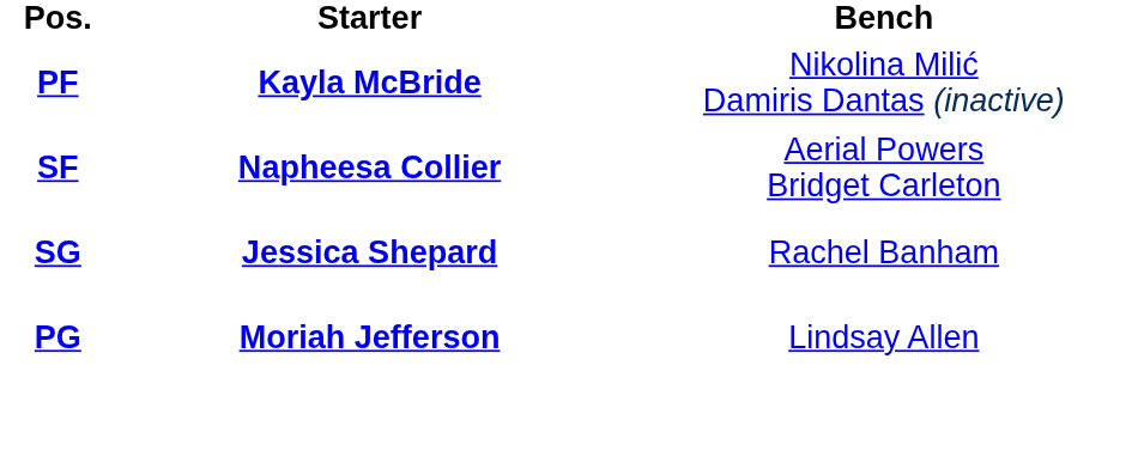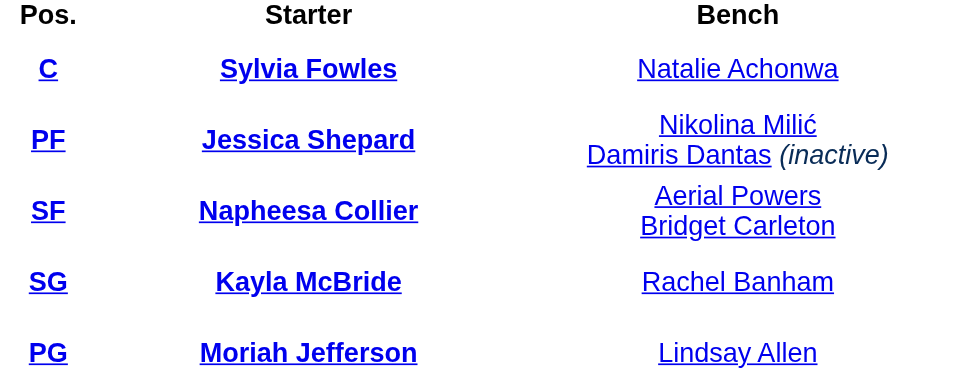 <table style="text-align:center; ">
 <tr>
 <th width="50">Pos.</th>
 <th width="250">Starter</th>
 <th width="250">Bench</th>
 </tr>
 <tr style="height:40px; background:white; color:#092C57">
+<th><a href='#'><span>C</span></a></th>
+<td><strong><a href='#'>Sylvia Fowles</a></strong></td>
+<td><a href='#'>Natalie Achonwa</a></td>
+</tr>
+<tr style="height:40px; background:white; color:#092C57">
 <th><a href='#'><span>PF</span></a></th>
-<td><strong><a href='#'>Kayla McBride</a></strong></td>
+<td><strong><a href='#'>Jessica Shepard</a></strong></td>
 <td><a href='#'>Nikolina Milić</a><br><a href='#'>Damiris Dantas</a> <em>(inactive)</em></td>
 </tr>
 <tr style="height:40px; background:white; color:#092C57">
 <th><a href='#'><span>SF</span></a></th>
 <td><strong><a href='#'>Napheesa Collier</a></strong></td>
 <td><a href='#'>Aerial Powers</a><br><a href='#'>Bridget Carleton</a></td>
 </tr>
 <tr style="height:40px; background:white; color:#092C57">
 <th><a href='#'><span>SG</span></a></th>
-<td><strong><a href='#'>Jessica Shepard</a></strong></td>
+<td><strong><a href='#'>Kayla McBride</a></strong></td>
 <td><a href='#'>Rachel Banham</a></td>
 </tr>
 <tr style="height:40px; background:white; color:#092C57">
 <th><a href='#'><span>PG</span></a></th>
 <td><strong><a href='#'>Moriah Jefferson</a></strong></td>
 <td><a href='#'>Lindsay Allen</a></td>
 </tr>
 </table>
